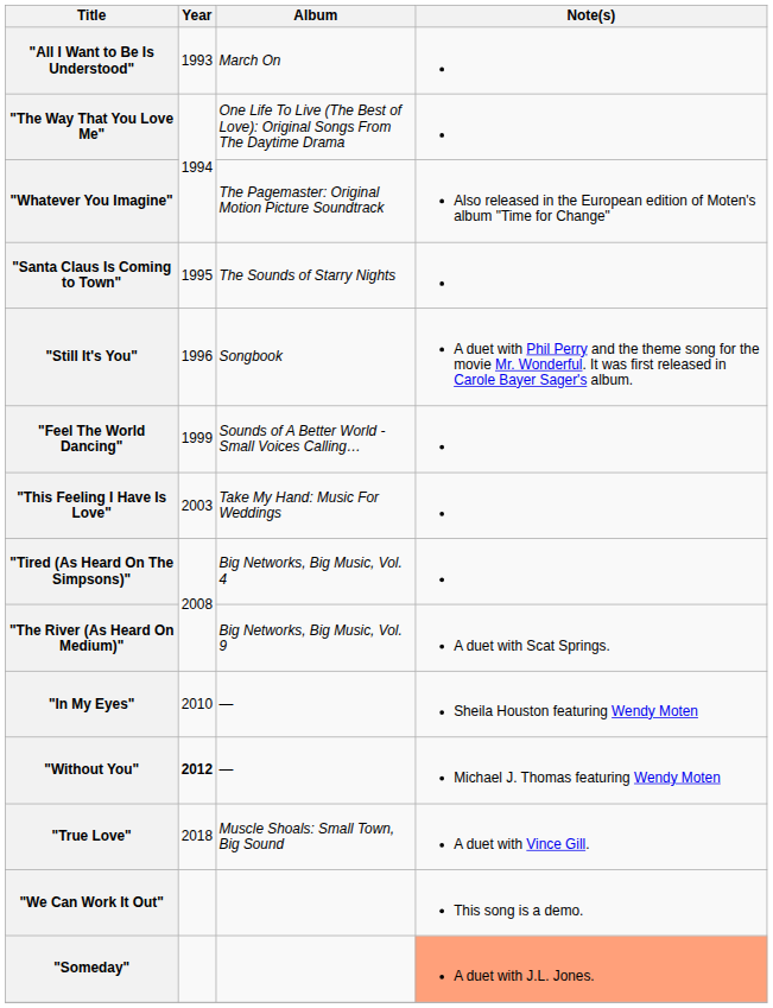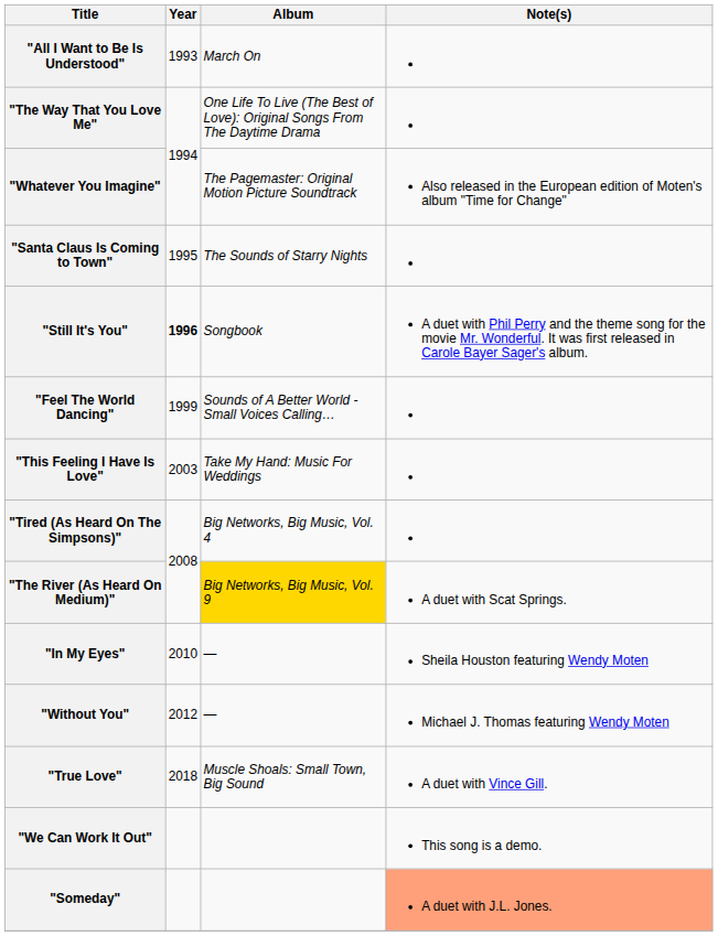 <table class="wikitable plainrowheaders">
 <tr>
 <th scope="col" style="width:27em;">Title</th>
 <th scope="col">Year</th>
 <th scope="col" style="width:35em;">Album</th>
 <th scope="col" style="width:70em;">Note(s)</th>
 </tr>
 <tr>
 <th scope="row">"All I Want to Be Is Understood"</th>
 <td align="center">1993</td>
 <td><em>March On</em></td>
 <td><br><ul><li></li></ul></td>
 </tr>
 <tr>
 <th scope="row">"The Way That You Love Me"</th>
 <td rowspan=2 align="center">1994</td>
 <td><em>One Life To Live (The Best of Love): Original Songs From The Daytime Drama</em></td>
 <td><br><ul><li></li></ul></td>
 </tr>
 <tr>
 <th scope="row">"Whatever You Imagine"</th>
 <td><em>The Pagemaster: Original Motion Picture Soundtrack</em></td>
 <td><br><ul><li>Also released in the European edition of Moten's album "Time for Change"</li></ul></td>
 </tr>
 <tr>
 <th scope="row">"Santa Claus Is Coming to Town"</th>
 <td align="center">1995</td>
 <td><em>The Sounds of Starry Nights</em></td>
 <td><br><ul><li></li></ul></td>
 </tr>
 <tr>
 <th scope="row">"Still It's You"</th>
-<td align="center">1996</td>
+<td align="center"><strong>1996</strong></td>
 <td><em>Songbook</em></td>
 <td><br><ul><li>A duet with <a href='#'>Phil Perry</a> and the theme song for the movie <a href='#'>Mr. Wonderful</a>. It was first released in <a href='#'>Carole Bayer Sager's</a> album.</li></ul></td>
 </tr>
 <tr>
 <th scope="row">"Feel The World Dancing"</th>
 <td align="center">1999</td>
 <td><em>Sounds of A Better World - Small Voices Calling…</em></td>
 <td><br><ul><li></li></ul></td>
 </tr>
 <tr>
 <th scope="row">"This Feeling I Have Is Love"</th>
 <td align="center">2003</td>
 <td><em>Take My Hand: Music For Weddings</em></td>
 <td><br><ul><li></li></ul></td>
 </tr>
 <tr>
 <th scope="row">"Tired (As Heard On The Simpsons)"</th>
 <td rowspan=2 align="center">2008</td>
 <td><em>Big Networks, Big Music, Vol. 4</em></td>
 <td><br><ul><li></li></ul></td>
 </tr>
 <tr>
 <th scope="row">"The River (As Heard On Medium)"</th>
-<td><em>Big Networks, Big Music, Vol. 9</em></td>
+<td style="background: gold;"><em>Big Networks, Big Music, Vol. 9</em></td>
 <td><br><ul><li>A duet with Scat Springs.</li></ul></td>
 </tr>
 <tr>
 <th scope="row">"In My Eyes"</th>
 <td align="center">2010</td>
 <td>—</td>
 <td><br><ul><li>Sheila Houston featuring <a href='#'>Wendy Moten</a></li></ul></td>
 </tr>
 <tr>
 <th scope="row">"Without You"</th>
-<td align="center"><strong>2012</strong></td>
+<td align="center">2012</td>
 <td>—</td>
 <td><br><ul><li>Michael J. Thomas featuring <a href='#'>Wendy Moten</a></li></ul></td>
 </tr>
 <tr>
 <th scope="row">"True Love"</th>
 <td align="center">2018</td>
 <td><em>Muscle Shoals: Small Town, Big Sound</em></td>
 <td><br><ul><li>A duet with <a href='#'>Vince Gill</a>.</li></ul></td>
 </tr>
 <tr>
 <th scope="row">"We Can Work It Out"</th>
 <td align="center"></td>
 <td></td>
 <td><br><ul><li>This song is a demo.</li></ul></td>
 </tr>
 <tr>
 <th scope="row">"Someday"</th>
 <td align="center"></td>
 <td></td>
 <td style="background: lightsalmon;"><br><ul><li>A duet with J.L. Jones.</li></ul></td>
 </tr>
 <tr>
 </tr>
 </table>
